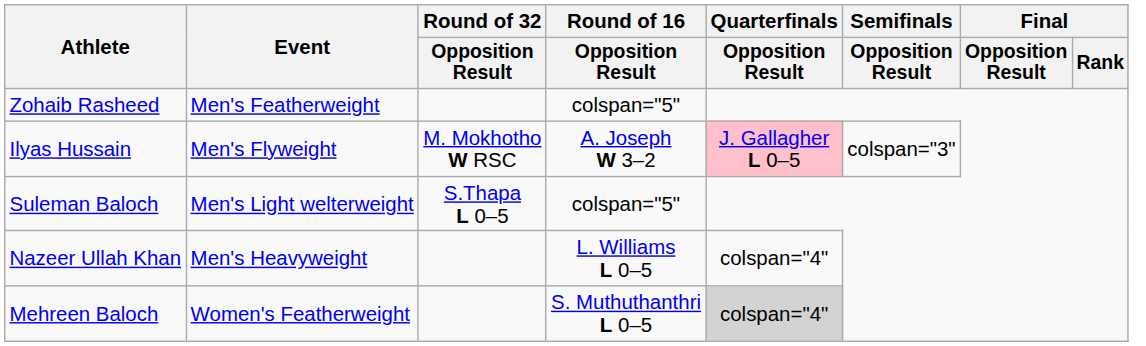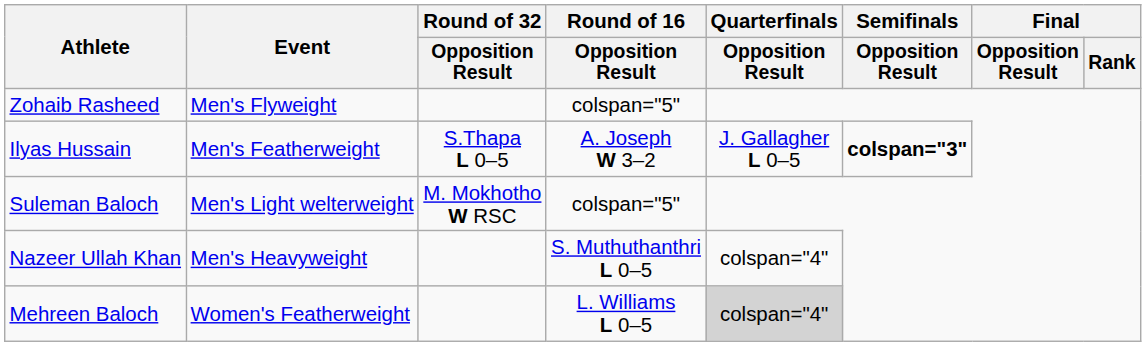 <table class="wikitable" style="font-size:90%; text-align:center">
 <tr>
 <th rowspan=2>Athlete</th>
 <th rowspan=2>Event</th>
 <th>Round of 32</th>
 <th>Round of 16</th>
 <th>Quarterfinals</th>
 <th>Semifinals</th>
 <th colspan=2>Final</th>
 </tr>
 <tr style="font-size:95%">
 <th>Opposition<br>Result</th>
 <th>Opposition<br>Result</th>
 <th>Opposition<br>Result</th>
 <th>Opposition<br>Result</th>
 <th>Opposition<br>Result</th>
 <th>Rank</th>
 </tr>
 <tr>
 <td align=left><a href='#'>Zohaib Rasheed</a></td>
-<td align=left><a href='#'>Men's Featherweight</a></td>
+<td align=left><a href='#'>Men's Flyweight</a></td>
 <td></td>
 <td>colspan="5" </td>
 </tr>
 <tr>
 <td align=left><a href='#'>Ilyas Hussain</a></td>
-<td align=left><a href='#'>Men's Flyweight</a></td>
-<td align=center> <a href='#'>M. Mokhotho</a><br><strong>W</strong> RSC</td>
+<td align=left><a href='#'>Men's Featherweight</a></td>
+<td align=center> <a href='#'>S.Thapa</a><br>  <strong>L</strong> 0–5</td>
 <td align=center> <a href='#'>A. Joseph</a><br><strong>W</strong> 3–2</td>
-<td align=center style="background: pink;"> <a href='#'>J. Gallagher</a><br><strong>L</strong> 0–5</td>
-<td>colspan="3" </td>
+<td align=center> <a href='#'>J. Gallagher</a><br><strong>L</strong> 0–5</td>
+<td><strong>colspan="3" </strong></td>
 </tr>
 <tr>
 <td align=left><a href='#'>Suleman Baloch</a></td>
 <td align=left><a href='#'>Men's Light welterweight</a></td>
-<td align=center> <a href='#'>S.Thapa</a><br>  <strong>L</strong> 0–5</td>
+<td align=center> <a href='#'>M. Mokhotho</a><br><strong>W</strong> RSC</td>
 <td>colspan="5" </td>
 </tr>
 <tr>
 <td align=left><a href='#'>Nazeer Ullah Khan</a></td>
 <td align=left><a href='#'>Men's Heavyweight</a></td>
 <td></td>
-<td align=center> <a href='#'>L. Williams</a><br> <strong>L</strong> 0–5</td>
+<td align=center> <a href='#'>S. Muthuthanthri</a><br><strong>L</strong> 0–5</td>
 <td>colspan="4" </td>
 </tr>
 <tr>
 <td align=left><a href='#'>Mehreen Baloch</a></td>
 <td align=left><a href='#'>Women's Featherweight</a></td>
 <td></td>
-<td align=center> <a href='#'>S. Muthuthanthri</a><br><strong>L</strong> 0–5</td>
+<td align=center> <a href='#'>L. Williams</a><br> <strong>L</strong> 0–5</td>
 <td style="background: lightgrey;">colspan="4"</td>
 </tr>
 </table>
